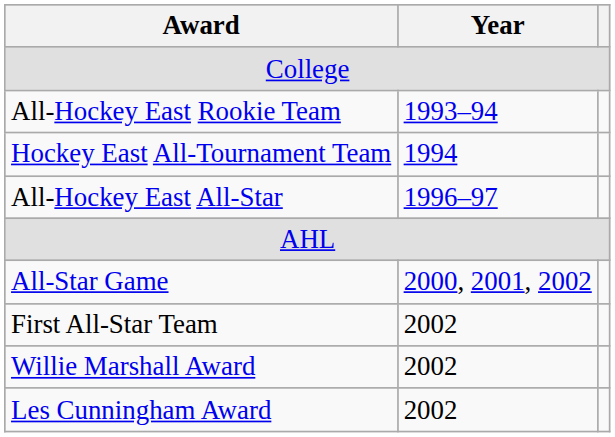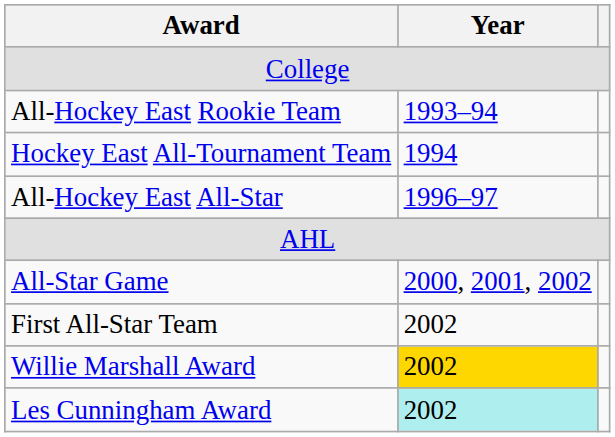 <table class="wikitable">
 <tr>
 <th>Award</th>
 <th>Year</th>
 <th></th>
 </tr>
 <tr ALIGN="center" bgcolor="#e0e0e0">
 <td colspan="3"><a href='#'>College</a></td>
 </tr>
 <tr>
 <td>All-<a href='#'>Hockey East</a> <a href='#'>Rookie Team</a></td>
 <td><a href='#'>1993–94</a></td>
 <td></td>
 </tr>
 <tr>
 <td><a href='#'>Hockey East</a> <a href='#'>All-Tournament Team</a></td>
 <td><a href='#'>1994</a></td>
 <td></td>
 </tr>
 <tr>
 <td>All-<a href='#'>Hockey East</a> <a href='#'>All-Star</a></td>
 <td><a href='#'>1996–97</a></td>
 <td></td>
 </tr>
 <tr ALIGN="center" bgcolor="#e0e0e0">
 <td colspan="3"><a href='#'>AHL</a></td>
 </tr>
 <tr>
 <td><a href='#'>All-Star Game</a></td>
 <td><a href='#'>2000</a>, <a href='#'>2001</a>, <a href='#'>2002</a></td>
 <td></td>
 </tr>
 <tr>
 <td>First All-Star Team</td>
 <td>2002</td>
 <td></td>
 </tr>
 <tr>
 <td><a href='#'>Willie Marshall Award</a></td>
-<td>2002</td>
+<td style="background: gold;">2002</td>
 <td></td>
 </tr>
 <tr>
 <td><a href='#'>Les Cunningham Award</a></td>
-<td>2002</td>
+<td style="background: paleturquoise;">2002</td>
 <td></td>
 </tr>
 </table>
